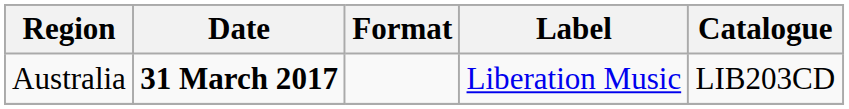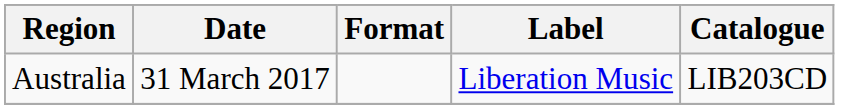 <table class="wikitable plainrowheaders">
 <tr>
 <th scope="col">Region</th>
 <th scope="col">Date</th>
 <th scope="col">Format</th>
 <th scope="col">Label</th>
 <th scope="col">Catalogue</th>
 </tr>
 <tr>
 <td>Australia</td>
-<td><strong>31 March 2017</strong></td>
+<td>31 March 2017</td>
 <td></td>
 <td><a href='#'>Liberation Music</a></td>
 <td>LIB203CD</td>
 </tr>
 <tr>
 </tr>
 </table>
